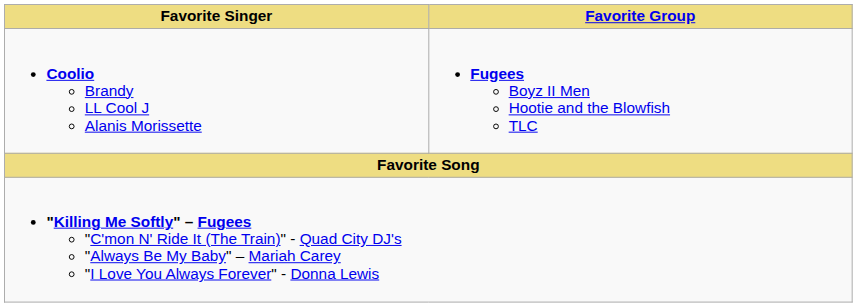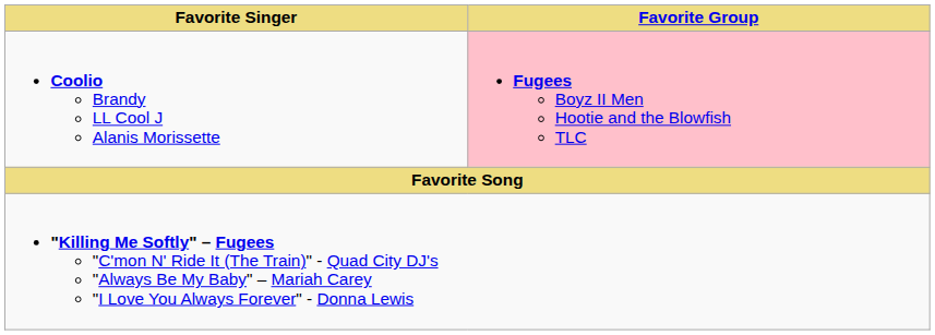 <table class="wikitable" style="width:100%">
 <tr>
 <th style="background:#EEDD82; width:50%">Favorite Singer</th>
 <th style="background:#EEDD82; width:50%"><a href='#'>Favorite Group</a></th>
 </tr>
 <tr>
 <td valign="top"><br><ul><li><strong><a href='#'>Coolio</a></strong><ul><li><a href='#'>Brandy</a></li><li><a href='#'>LL Cool J</a></li><li><a href='#'>Alanis Morissette</a></li></ul></li></ul></td>
-<td valign="top"><br><ul><li><strong><a href='#'>Fugees</a></strong><ul><li><a href='#'>Boyz II Men</a></li><li><a href='#'>Hootie and the Blowfish</a></li><li><a href='#'>TLC</a></li></ul></li></ul></td>
+<td valign="top" style="background: pink;"><br><ul><li><strong><a href='#'>Fugees</a></strong><ul><li><a href='#'>Boyz II Men</a></li><li><a href='#'>Hootie and the Blowfish</a></li><li><a href='#'>TLC</a></li></ul></li></ul></td>
 </tr>
 <tr>
 <th style="background:#EEDD82;" colspan="2">Favorite Song</th>
 </tr>
 <tr>
 <td colspan="2" valign="top"><br><ul><li><strong>"<a href='#'>Killing Me Softly</a>" – <a href='#'>Fugees</a></strong><ul><li>"<a href='#'>C'mon N' Ride It (The Train)</a>" - <a href='#'>Quad City DJ's</a></li><li>"<a href='#'>Always Be My Baby</a>" – <a href='#'>Mariah Carey</a></li><li>"<a href='#'>I Love You Always Forever</a>" - <a href='#'>Donna Lewis</a></li></ul></li></ul></td>
 </tr>
 </table>
